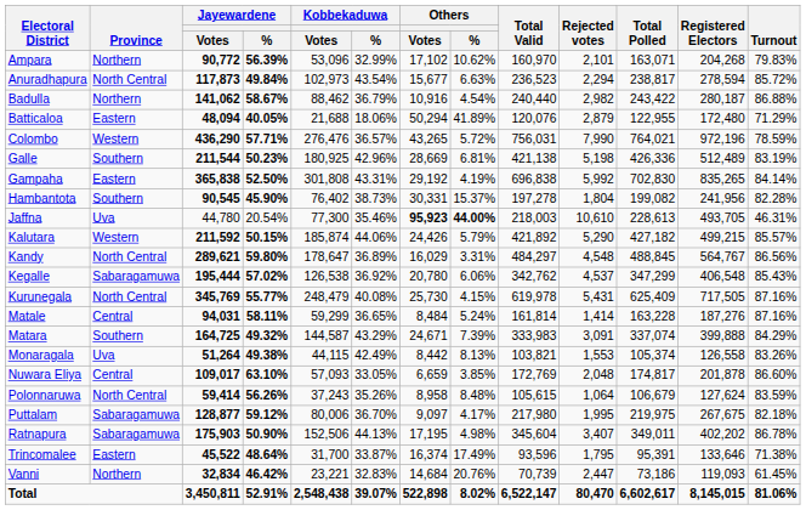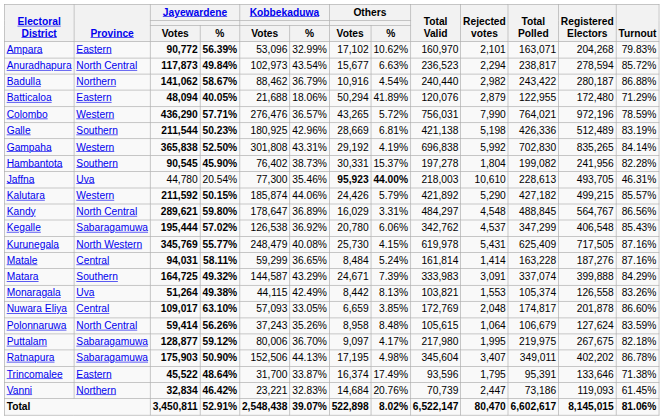 <table class="wikitable plainrowheaders sortable" style="font-size:100%; text-align:right;">
 <tr>
 <th valign=bottom rowspan=3><a href='#'>Electoral<br>District</a></th>
 <th valign=bottom rowspan=3><a href='#'>Province</a></th>
 <th colspan=2><a href='#'>Jayewardene</a></th>
 <th colspan=2><a href='#'>Kobbekaduwa</a></th>
 <th colspan=2>Others</th>
 <th valign=bottom rowspan=3>Total<br>Valid</th>
 <th valign=bottom rowspan=3>Rejected<br>votes</th>
 <th valign=bottom rowspan=3>Total<br>Polled</th>
 <th valign=bottom rowspan=3>Registered<br>Electors</th>
 <th valign=bottom rowspan=3>Turnout</th>
 </tr>
 <tr>
 <th colspan=2 style="background:"></th>
 <th colspan=2 style="background:"></th>
 <th colspan=2></th>
 </tr>
 <tr>
 <th>Votes</th>
 <th align=center>%</th>
 <th>Votes</th>
 <th align=center>%</th>
 <th>Votes</th>
 <th align=center>%</th>
 </tr>
 <tr>
 <td align=left><a href='#'>Ampara</a></td>
-<td align=left><a href='#'>Northern</a></td>
+<td align=left><a href='#'>Eastern</a></td>
 <td><strong>90,772</strong></td>
 <td><strong>56.39%</strong></td>
 <td>53,096</td>
 <td>32.99%</td>
 <td>17,102</td>
 <td>10.62%</td>
 <td>160,970</td>
 <td>2,101</td>
 <td>163,071</td>
 <td>204,268</td>
 <td>79.83%</td>
 </tr>
 <tr>
 <td align=left><a href='#'>Anuradhapura</a></td>
 <td align=left><a href='#'>North Central</a></td>
 <td><strong>117,873</strong></td>
 <td><strong>49.84%</strong></td>
 <td>102,973</td>
 <td>43.54%</td>
 <td>15,677</td>
 <td>6.63%</td>
 <td>236,523</td>
 <td>2,294</td>
 <td>238,817</td>
 <td>278,594</td>
 <td>85.72%</td>
 </tr>
 <tr>
 <td align=left><a href='#'>Badulla</a></td>
 <td align=left><a href='#'>Northern</a></td>
 <td><strong>141,062</strong></td>
 <td><strong>58.67%</strong></td>
 <td>88,462</td>
 <td>36.79%</td>
 <td>10,916</td>
 <td>4.54%</td>
 <td>240,440</td>
 <td>2,982</td>
 <td>243,422</td>
 <td>280,187</td>
 <td>86.88%</td>
 </tr>
 <tr>
 <td align=left><a href='#'>Batticaloa</a></td>
 <td align=left><a href='#'>Eastern</a></td>
 <td><strong>48,094</strong></td>
 <td><strong>40.05%</strong></td>
 <td>21,688</td>
 <td>18.06%</td>
 <td>50,294</td>
 <td>41.89%</td>
 <td>120,076</td>
 <td>2,879</td>
 <td>122,955</td>
 <td>172,480</td>
 <td>71.29%</td>
 </tr>
 <tr>
 <td align=left><a href='#'>Colombo</a></td>
 <td align=left><a href='#'>Western</a></td>
 <td><strong>436,290</strong></td>
 <td><strong>57.71%</strong></td>
 <td>276,476</td>
 <td>36.57%</td>
 <td>43,265</td>
 <td>5.72%</td>
 <td>756,031</td>
 <td>7,990</td>
 <td>764,021</td>
 <td>972,196</td>
 <td>78.59%</td>
 </tr>
 <tr>
 <td align=left><a href='#'>Galle</a></td>
 <td align=left><a href='#'>Southern</a></td>
 <td><strong>211,544</strong></td>
 <td><strong>50.23%</strong></td>
 <td>180,925</td>
 <td>42.96%</td>
 <td>28,669</td>
 <td>6.81%</td>
 <td>421,138</td>
 <td>5,198</td>
 <td>426,336</td>
 <td>512,489</td>
 <td>83.19%</td>
 </tr>
 <tr>
 <td align=left><a href='#'>Gampaha</a></td>
-<td align=left><a href='#'>Eastern</a></td>
+<td align=left><a href='#'>Western</a></td>
 <td><strong>365,838</strong></td>
 <td><strong>52.50%</strong></td>
 <td>301,808</td>
 <td>43.31%</td>
 <td>29,192</td>
 <td>4.19%</td>
 <td>696,838</td>
 <td>5,992</td>
 <td>702,830</td>
 <td>835,265</td>
 <td>84.14%</td>
 </tr>
 <tr>
 <td align=left><a href='#'>Hambantota</a></td>
 <td align=left><a href='#'>Southern</a></td>
 <td><strong>90,545</strong></td>
 <td><strong>45.90%</strong></td>
 <td>76,402</td>
 <td>38.73%</td>
 <td>30,331</td>
 <td>15.37%</td>
 <td>197,278</td>
 <td>1,804</td>
 <td>199,082</td>
 <td>241,956</td>
 <td>82.28%</td>
 </tr>
 <tr>
 <td align=left><a href='#'>Jaffna</a></td>
 <td align=left><a href='#'>Uva</a></td>
 <td>44,780</td>
 <td>20.54%</td>
 <td>77,300</td>
 <td>35.46%</td>
 <td><strong>95,923</strong></td>
 <td><strong>44.00%</strong></td>
 <td>218,003</td>
 <td>10,610</td>
 <td>228,613</td>
 <td>493,705</td>
 <td>46.31%</td>
 </tr>
 <tr>
 <td align=left><a href='#'>Kalutara</a></td>
 <td align=left><a href='#'>Western</a></td>
 <td><strong>211,592</strong></td>
 <td><strong>50.15%</strong></td>
 <td>185,874</td>
 <td>44.06%</td>
 <td>24,426</td>
 <td>5.79%</td>
 <td>421,892</td>
 <td>5,290</td>
 <td>427,182</td>
 <td>499,215</td>
 <td>85.57%</td>
 </tr>
 <tr>
 <td align=left><a href='#'>Kandy</a></td>
 <td align=left><a href='#'>North Central</a></td>
 <td><strong>289,621</strong></td>
 <td><strong>59.80%</strong></td>
 <td>178,647</td>
 <td>36.89%</td>
 <td>16,029</td>
 <td>3.31%</td>
 <td>484,297</td>
 <td>4,548</td>
 <td>488,845</td>
 <td>564,767</td>
 <td>86.56%</td>
 </tr>
 <tr>
 <td align=left><a href='#'>Kegalle</a></td>
 <td align=left><a href='#'>Sabaragamuwa</a></td>
 <td><strong>195,444</strong></td>
 <td><strong>57.02%</strong></td>
 <td>126,538</td>
 <td>36.92%</td>
 <td>20,780</td>
 <td>6.06%</td>
 <td>342,762</td>
 <td>4,537</td>
 <td>347,299</td>
 <td>406,548</td>
 <td>85.43%</td>
 </tr>
 <tr>
 <td align=left><a href='#'>Kurunegala</a></td>
-<td align=left><a href='#'>North Central</a></td>
+<td align=left><a href='#'>North Western</a></td>
 <td><strong>345,769</strong></td>
 <td><strong>55.77%</strong></td>
 <td>248,479</td>
 <td>40.08%</td>
 <td>25,730</td>
 <td>4.15%</td>
 <td>619,978</td>
 <td>5,431</td>
 <td>625,409</td>
 <td>717,505</td>
 <td>87.16%</td>
 </tr>
 <tr>
 <td align=left><a href='#'>Matale</a></td>
 <td align=left><a href='#'>Central</a></td>
 <td><strong>94,031</strong></td>
 <td><strong>58.11%</strong></td>
 <td>59,299</td>
 <td>36.65%</td>
 <td>8,484</td>
 <td>5.24%</td>
 <td>161,814</td>
 <td>1,414</td>
 <td>163,228</td>
 <td>187,276</td>
 <td>87.16%</td>
 </tr>
 <tr>
 <td align=left><a href='#'>Matara</a></td>
 <td align=left><a href='#'>Southern</a></td>
 <td><strong>164,725</strong></td>
 <td><strong>49.32%</strong></td>
 <td>144,587</td>
 <td>43.29%</td>
 <td>24,671</td>
 <td>7.39%</td>
 <td>333,983</td>
 <td>3,091</td>
 <td>337,074</td>
 <td>399,888</td>
 <td>84.29%</td>
 </tr>
 <tr>
 <td align=left><a href='#'>Monaragala</a></td>
 <td align=left><a href='#'>Uva</a></td>
 <td><strong>51,264</strong></td>
 <td><strong>49.38%</strong></td>
 <td>44,115</td>
 <td>42.49%</td>
 <td>8,442</td>
 <td>8.13%</td>
 <td>103,821</td>
 <td>1,553</td>
 <td>105,374</td>
 <td>126,558</td>
 <td>83.26%</td>
 </tr>
 <tr>
 <td align=left><a href='#'>Nuwara Eliya</a></td>
 <td align=left><a href='#'>Central</a></td>
 <td><strong>109,017</strong></td>
 <td><strong>63.10%</strong></td>
 <td>57,093</td>
 <td>33.05%</td>
 <td>6,659</td>
 <td>3.85%</td>
 <td>172,769</td>
 <td>2,048</td>
 <td>174,817</td>
 <td>201,878</td>
 <td>86.60%</td>
 </tr>
 <tr>
 <td align=left><a href='#'>Polonnaruwa</a></td>
 <td align=left><a href='#'>North Central</a></td>
 <td><strong>59,414</strong></td>
 <td><strong>56.26%</strong></td>
 <td>37,243</td>
 <td>35.26%</td>
 <td>8,958</td>
 <td>8.48%</td>
 <td>105,615</td>
 <td>1,064</td>
 <td>106,679</td>
 <td>127,624</td>
 <td>83.59%</td>
 </tr>
 <tr>
 <td align=left><a href='#'>Puttalam</a></td>
 <td align=left><a href='#'>Sabaragamuwa</a></td>
 <td><strong>128,877</strong></td>
 <td><strong>59.12%</strong></td>
 <td>80,006</td>
 <td>36.70%</td>
 <td>9,097</td>
 <td>4.17%</td>
 <td>217,980</td>
 <td>1,995</td>
 <td>219,975</td>
 <td>267,675</td>
 <td>82.18%</td>
 </tr>
 <tr>
 <td align=left><a href='#'>Ratnapura</a></td>
 <td align=left><a href='#'>Sabaragamuwa</a></td>
 <td><strong>175,903</strong></td>
 <td><strong>50.90%</strong></td>
 <td>152,506</td>
 <td>44.13%</td>
 <td>17,195</td>
 <td>4.98%</td>
 <td>345,604</td>
 <td>3,407</td>
 <td>349,011</td>
 <td>402,202</td>
 <td>86.78%</td>
 </tr>
 <tr>
 <td align=left><a href='#'>Trincomalee</a></td>
 <td align=left><a href='#'>Eastern</a></td>
 <td><strong>45,522</strong></td>
 <td><strong>48.64%</strong></td>
 <td>31,700</td>
 <td>33.87%</td>
 <td>16,374</td>
 <td>17.49%</td>
 <td>93,596</td>
 <td>1,795</td>
 <td>95,391</td>
 <td>133,646</td>
 <td>71.38%</td>
 </tr>
 <tr>
 <td align=left><a href='#'>Vanni</a></td>
 <td align=left><a href='#'>Northern</a></td>
 <td><strong>32,834</strong></td>
 <td><strong>46.42%</strong></td>
 <td>23,221</td>
 <td>32.83%</td>
 <td>14,684</td>
 <td>20.76%</td>
 <td>70,739</td>
 <td>2,447</td>
 <td>73,186</td>
 <td>119,093</td>
 <td>61.45%</td>
 </tr>
 <tr class="sortbottom" style="font-weight:bold">
 <td colspan=2 align=left>Total</td>
 <td>3,450,811</td>
 <td>52.91%</td>
 <td>2,548,438</td>
 <td>39.07%</td>
 <td>522,898</td>
 <td>8.02%</td>
 <td>6,522,147</td>
 <td>80,470</td>
 <td>6,602,617</td>
 <td>8,145,015</td>
 <td>81.06%</td>
 </tr>
 </table>
